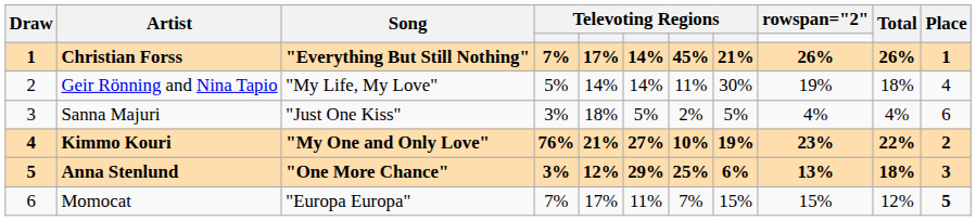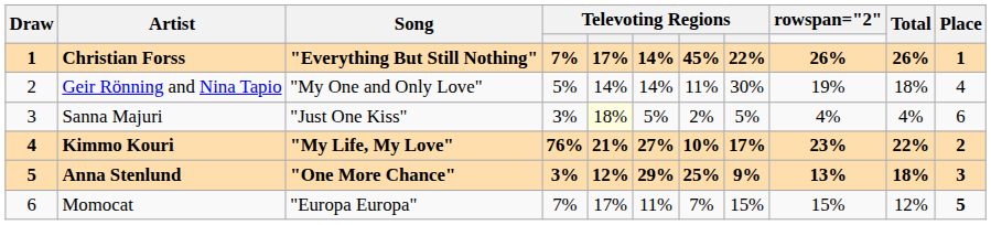 <table class="sortable wikitable" style="margin: 1em auto 1em auto; text-align:center;">
 <tr>
 <th rowspan="2">Draw</th>
 <th rowspan="2">Artist</th>
 <th rowspan="2">Song</th>
 <th colspan="5">Televoting Regions</th>
 <th>rowspan="2" </th>
 <th rowspan="2">Total</th>
 <th rowspan="2">Place</th>
 </tr>
 <tr>
 <th></th>
 <th></th>
 <th></th>
 <th></th>
 <th></th>
 </tr>
 <tr style="font-weight:bold; background:navajowhite;">
 <td>1</td>
 <td align="left">Christian Forss</td>
 <td align="left">"Everything But Still Nothing"</td>
 <td>7%</td>
 <td>17%</td>
 <td>14%</td>
 <td>45%</td>
-<td>21%</td>
+<td>22%</td>
 <td>26%</td>
 <td>26%</td>
 <td>1</td>
 </tr>
 <tr>
 <td>2</td>
 <td align="left"><a href='#'>Geir Rönning</a> and <a href='#'>Nina Tapio</a></td>
-<td align="left">"My Life, My Love"</td>
+<td align="left">"My One and Only Love"</td>
 <td>5%</td>
 <td>14%</td>
 <td>14%</td>
 <td>11%</td>
 <td>30%</td>
 <td>19%</td>
 <td>18%</td>
 <td>4</td>
 </tr>
 <tr>
 <td>3</td>
 <td align="left">Sanna Majuri</td>
 <td align="left">"Just One Kiss"</td>
 <td>3%</td>
-<td>18%</td>
+<td style="background: lightyellow;">18%</td>
 <td>5%</td>
 <td>2%</td>
 <td>5%</td>
 <td>4%</td>
 <td>4%</td>
 <td>6</td>
 </tr>
 <tr style="font-weight:bold; background:navajowhite;">
 <td>4</td>
 <td align="left">Kimmo Kouri</td>
-<td align="left">"My One and Only Love"</td>
+<td align="left">"My Life, My Love"</td>
 <td>76%</td>
 <td>21%</td>
 <td>27%</td>
 <td>10%</td>
-<td>19%</td>
+<td>17%</td>
 <td>23%</td>
 <td>22%</td>
 <td>2</td>
 </tr>
 <tr style="font-weight:bold; background:navajowhite;">
 <td>5</td>
 <td align="left">Anna Stenlund</td>
 <td align="left">"One More Chance"</td>
 <td>3%</td>
 <td>12%</td>
 <td>29%</td>
 <td>25%</td>
-<td>6%</td>
+<td>9%</td>
 <td>13%</td>
 <td>18%</td>
 <td>3</td>
 </tr>
 <tr>
 <td>6</td>
 <td align="left">Momocat</td>
 <td align="left">"Europa Europa"</td>
 <td>7%</td>
 <td>17%</td>
 <td>11%</td>
 <td>7%</td>
 <td>15%</td>
 <td>15%</td>
 <td>12%</td>
 <td><strong>5</strong></td>
 </tr>
 </table>
